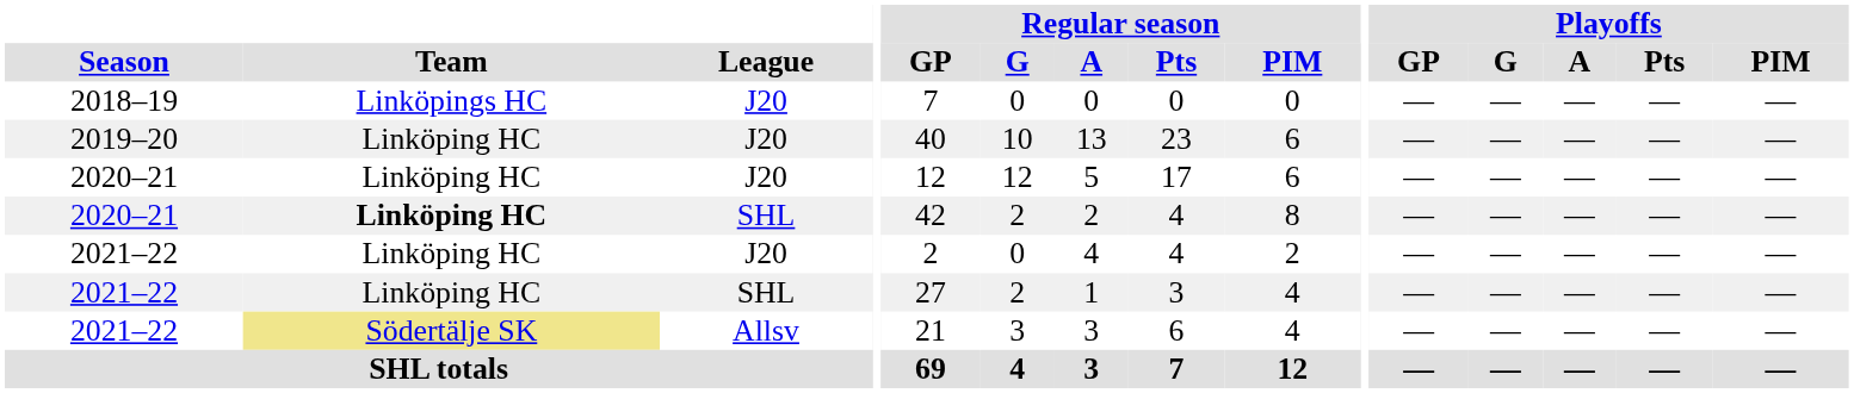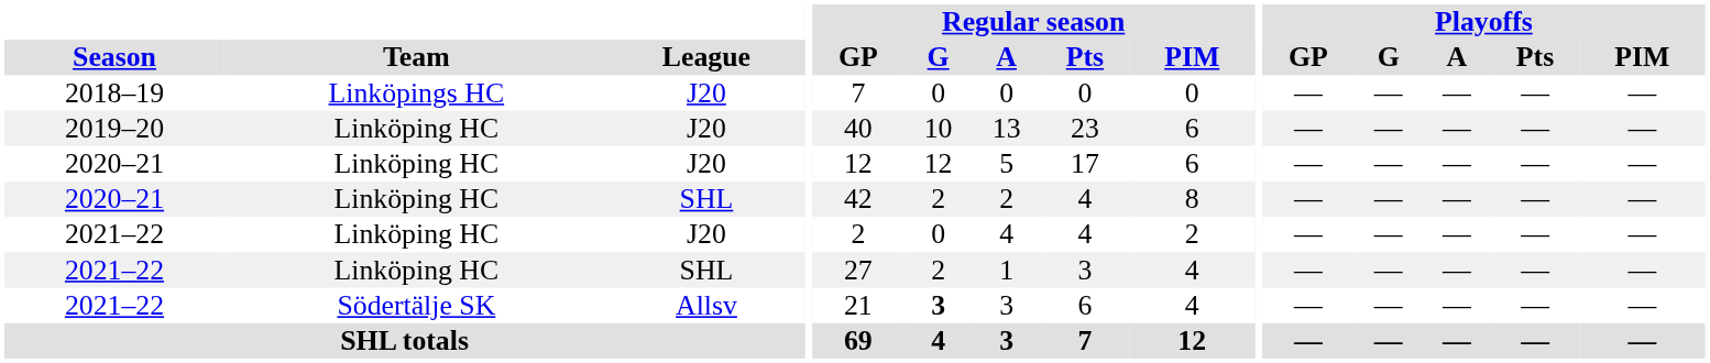 <table border="0" cellpadding="1" cellspacing="0" style="text-align:center; width:60em">
 <tr bgcolor="#e0e0e0">
 <th colspan="3" bgcolor="#ffffff"></th>
 <th rowspan="99" bgcolor="#ffffff"></th>
 <th colspan="5"><a href='#'>Regular season</a></th>
 <th rowspan="99" bgcolor="#ffffff"></th>
 <th colspan="5"><a href='#'>Playoffs</a></th>
 </tr>
 <tr bgcolor="#e0e0e0">
 <th><a href='#'>Season</a></th>
 <th>Team</th>
 <th>League</th>
 <th>GP</th>
 <th><a href='#'>G</a></th>
 <th><a href='#'>A</a></th>
 <th><a href='#'>Pts</a></th>
 <th><a href='#'>PIM</a></th>
 <th>GP</th>
 <th>G</th>
 <th>A</th>
 <th>Pts</th>
 <th>PIM</th>
 </tr>
 <tr ALIGN="center">
 <td>2018–19</td>
 <td><a href='#'>Linköpings HC</a></td>
 <td><a href='#'>J20</a></td>
 <td>7</td>
 <td>0</td>
 <td>0</td>
 <td>0</td>
 <td>0</td>
 <td>—</td>
 <td>—</td>
 <td>—</td>
 <td>—</td>
 <td>—</td>
 </tr>
 <tr ALIGN="center" bgcolor="#f0f0f0">
 <td>2019–20</td>
 <td>Linköping HC</td>
 <td>J20</td>
 <td>40</td>
 <td>10</td>
 <td>13</td>
 <td>23</td>
 <td>6</td>
 <td>—</td>
 <td>—</td>
 <td>—</td>
 <td>—</td>
 <td>—</td>
 </tr>
 <tr ALIGN="center">
 <td>2020–21</td>
 <td>Linköping HC</td>
 <td>J20</td>
 <td>12</td>
 <td>12</td>
 <td>5</td>
 <td>17</td>
 <td>6</td>
 <td>—</td>
 <td>—</td>
 <td>—</td>
 <td>—</td>
 <td>—</td>
 </tr>
 <tr ALIGN="center" bgcolor="#f0f0f0">
 <td><a href='#'>2020–21</a></td>
-<td><strong>Linköping HC</strong></td>
+<td>Linköping HC</td>
 <td><a href='#'>SHL</a></td>
 <td>42</td>
 <td>2</td>
 <td>2</td>
 <td>4</td>
 <td>8</td>
 <td>—</td>
 <td>—</td>
 <td>—</td>
 <td>—</td>
 <td>—</td>
 </tr>
 <tr ALIGN="center">
 <td>2021–22</td>
 <td>Linköping HC</td>
 <td>J20</td>
 <td>2</td>
 <td>0</td>
 <td>4</td>
 <td>4</td>
 <td>2</td>
 <td>—</td>
 <td>—</td>
 <td>—</td>
 <td>—</td>
 <td>—</td>
 </tr>
 <tr ALIGN="center" bgcolor="#f0f0f0">
 <td><a href='#'>2021–22</a></td>
 <td>Linköping HC</td>
 <td>SHL</td>
 <td>27</td>
 <td>2</td>
 <td>1</td>
 <td>3</td>
 <td>4</td>
 <td>—</td>
 <td>—</td>
 <td>—</td>
 <td>—</td>
 <td>—</td>
 </tr>
 <tr ALIGN="center">
 <td><a href='#'>2021–22</a></td>
-<td style="background: khaki;"><a href='#'>Södertälje SK</a></td>
+<td><a href='#'>Södertälje SK</a></td>
 <td><a href='#'>Allsv</a></td>
 <td>21</td>
-<td>3</td>
+<td><strong>3</strong></td>
 <td>3</td>
 <td>6</td>
 <td>4</td>
 <td>—</td>
 <td>—</td>
 <td>—</td>
 <td>—</td>
 <td>—</td>
 </tr>
 <tr style="background:#e0e0e0;">
 <th colspan="3">SHL totals</th>
 <th>69</th>
 <th>4</th>
 <th>3</th>
 <th>7</th>
 <th>12</th>
 <th>—</th>
 <th>—</th>
 <th>—</th>
 <th>—</th>
 <th>—</th>
 </tr>
 </table>
